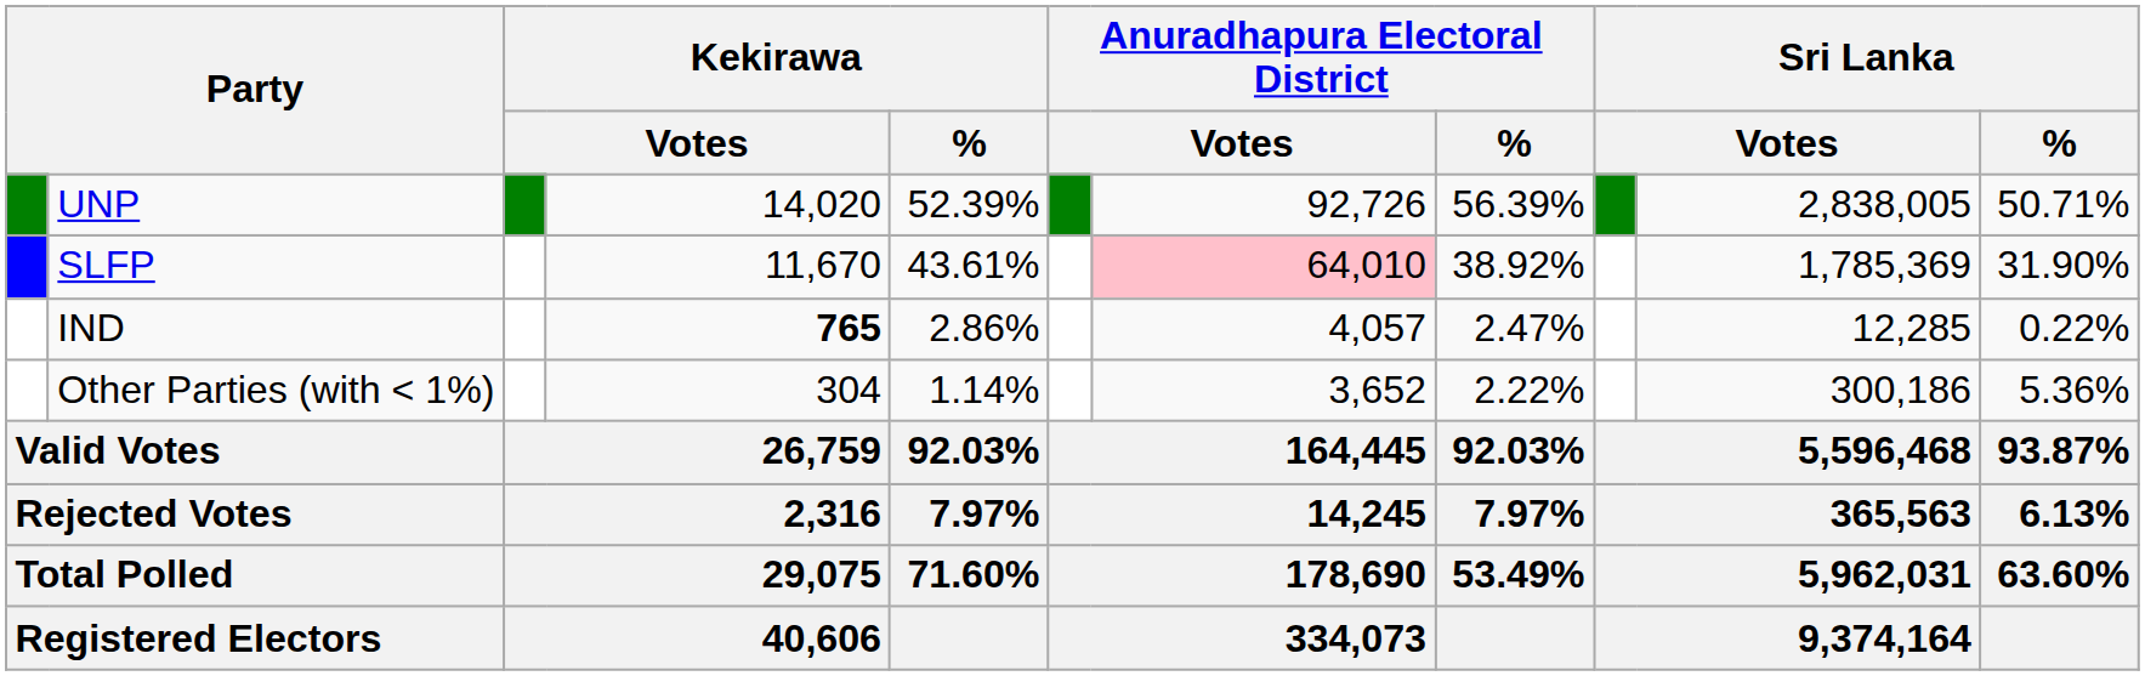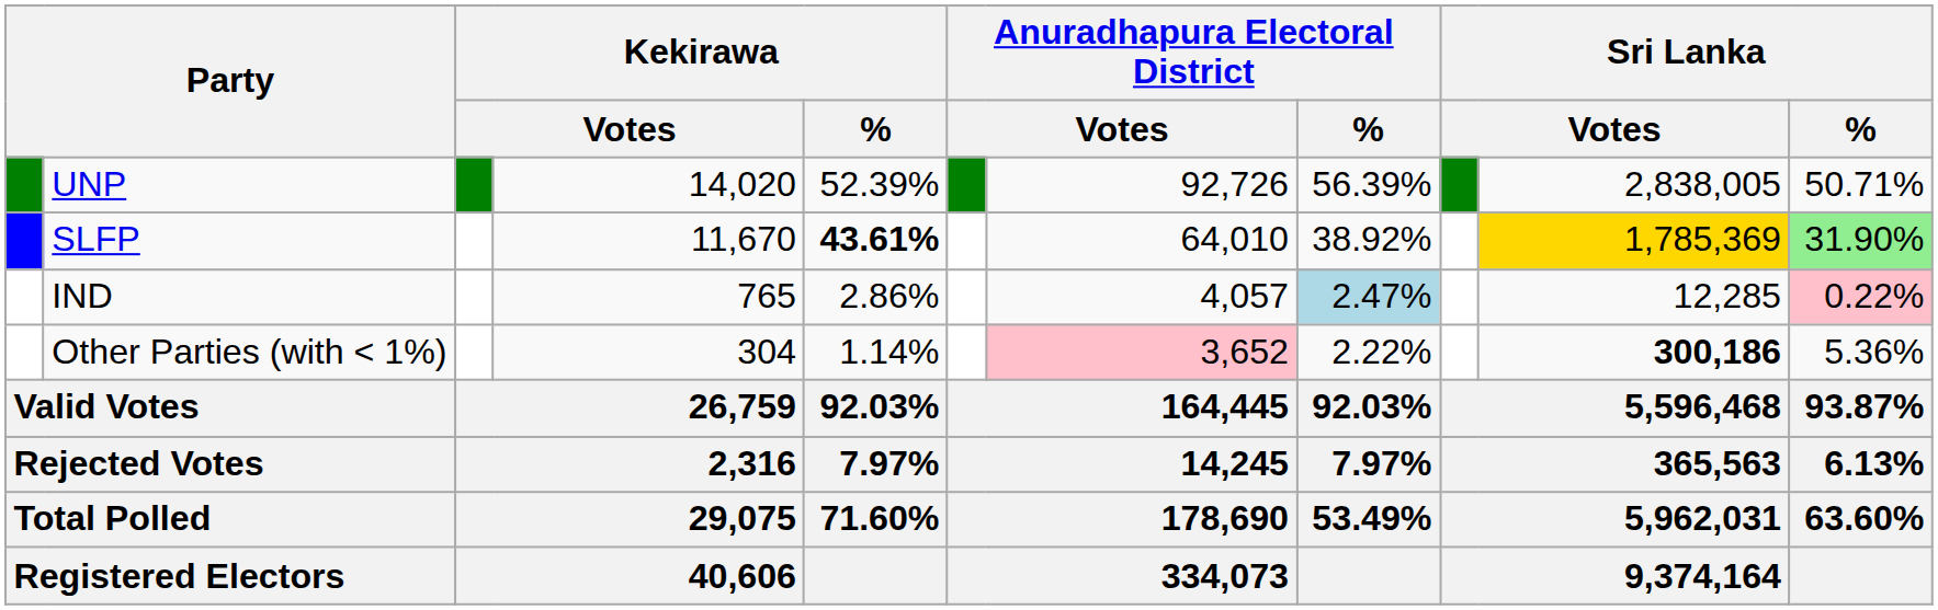 <table class="wikitable">
 <tr>
 <th colspan="2" width="144px"rowspan="2">Party</th>
 <th colspan="3" width="216px">Kekirawa</th>
 <th colspan="3" width="216px"><a href='#'>Anuradhapura Electoral District</a></th>
 <th colspan="3" width="216px">Sri Lanka</th>
 </tr>
 <tr>
 <th colspan="2" width="144px">Votes</th>
 <th>%</th>
 <th colspan="2" width="144px">Votes</th>
 <th>%</th>
 <th colspan="2" width="144px">Votes</th>
 <th>%</th>
 </tr>
 <tr>
 <td style="background-color:green;" width="10px"></td>
 <td style="text-align:left;"><a href='#'>UNP</a></td>
 <td style="background-color:green;" width="10px"></td>
 <td style="text-align:right;">14,020</td>
 <td style="text-align:right;">52.39%</td>
 <td style="background-color:green;" width="10px"></td>
 <td style="text-align:right;">92,726</td>
 <td style="text-align:right;">56.39%</td>
 <td style="background-color:green;" width="10px"></td>
 <td style="text-align:right;">2,838,005</td>
 <td style="text-align:right;">50.71%</td>
 </tr>
 <tr>
 <td style="background-color:blue;" width="10px"></td>
 <td style="text-align:left;"><a href='#'>SLFP</a></td>
 <td style="background-color:white;" width="10px"></td>
 <td style="text-align:right;">11,670</td>
-<td style="text-align:right;">43.61%</td>
+<td style="text-align:right;"><strong>43.61%</strong></td>
 <td style="background-color:white;" width="10px"></td>
-<td style="background: pink; text-align:right;">64,010</td>
+<td style="text-align:right;">64,010</td>
 <td style="text-align:right;">38.92%</td>
 <td style="background-color:white;" width="10px"></td>
-<td style="text-align:right;">1,785,369</td>
-<td style="text-align:right;">31.90%</td>
+<td style="background: gold; text-align:right;">1,785,369</td>
+<td style="background: lightgreen; text-align:right;">31.90%</td>
 </tr>
 <tr>
 <td style="background-color:white;" width="10px"></td>
 <td style="text-align:left;">IND</td>
 <td style="background-color:white;" width="10px"></td>
-<td style="text-align:right;"><strong>765</strong></td>
+<td style="text-align:right;">765</td>
 <td style="text-align:right;">2.86%</td>
 <td style="background-color:white;" width="10px"></td>
 <td style="text-align:right;">4,057</td>
-<td style="text-align:right;">2.47%</td>
+<td style="background: lightblue; text-align:right;">2.47%</td>
 <td style="background-color:white;" width="10px"></td>
 <td style="text-align:right;">12,285</td>
-<td style="text-align:right;">0.22%</td>
+<td style="background: pink; text-align:right;">0.22%</td>
 </tr>
 <tr>
 <td style="background-color:white;" width="10px"></td>
 <td style="text-align:left;">Other Parties (with < 1%)</td>
 <td style="background-color:white;" width="10px"></td>
 <td style="text-align:right;">304</td>
 <td style="text-align:right;">1.14%</td>
 <td style="background-color:white;" width="10px"></td>
-<td style="text-align:right;">3,652</td>
+<td style="background: pink; text-align:right;">3,652</td>
 <td style="text-align:right;">2.22%</td>
 <td style="background-color:white;" width="10px"></td>
-<td style="text-align:right;">300,186</td>
+<td style="text-align:right;"><strong>300,186</strong></td>
 <td style="text-align:right;">5.36%</td>
 </tr>
 <tr>
 <th colspan="2" width="144px"style="text-align:left;">Valid Votes</th>
 <th style="text-align:right;"colspan="2" width="144px">26,759</th>
 <th style="text-align:right;">92.03%</th>
 <th style="text-align:right;"colspan="2" width="144px">164,445</th>
 <th style="text-align:right;">92.03%</th>
 <th style="text-align:right;"colspan="2" width="144px">5,596,468</th>
 <th style="text-align:right;">93.87%</th>
 </tr>
 <tr>
 <th colspan="2" width="144px"style="text-align:left;">Rejected Votes</th>
 <th style="text-align:right;"colspan="2" width="144px">2,316</th>
 <th style="text-align:right;">7.97%</th>
 <th style="text-align:right;"colspan="2" width="144px">14,245</th>
 <th style="text-align:right;">7.97%</th>
 <th style="text-align:right;"colspan="2" width="144px">365,563</th>
 <th style="text-align:right;">6.13%</th>
 </tr>
 <tr>
 <th colspan="2" width="144px"style="text-align:left;">Total Polled</th>
 <th style="text-align:right;"colspan="2" width="144px">29,075</th>
 <th style="text-align:right;">71.60%</th>
 <th style="text-align:right;"colspan="2" width="144px">178,690</th>
 <th style="text-align:right;">53.49%</th>
 <th style="text-align:right;"colspan="2" width="144px">5,962,031</th>
 <th style="text-align:right;">63.60%</th>
 </tr>
 <tr>
 <th colspan="2" width="144px"style="text-align:left;">Registered Electors</th>
 <th style="text-align:right;"colspan="2" width="144px">40,606</th>
 <th></th>
 <th style="text-align:right;"colspan="2" width="144px">334,073</th>
 <th></th>
 <th style="text-align:right;"colspan="2" width="144px">9,374,164</th>
 <th></th>
 </tr>
 </table>
